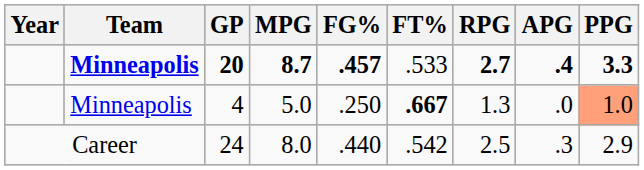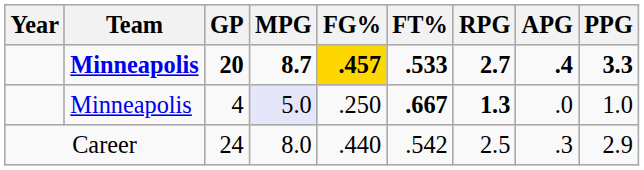 <table class="wikitable sortable" style="font-size:95%; text-align:right;">
 <tr>
 <th>Year</th>
 <th>Team</th>
 <th>GP</th>
 <th>MPG</th>
 <th>FG%</th>
 <th>FT%</th>
 <th>RPG</th>
 <th>APG</th>
 <th>PPG</th>
 </tr>
 <tr>
 <td style="text-align:left;"></td>
 <td style="text-align:left;"><strong><a href='#'>Minneapolis</a></strong></td>
 <td><strong>20</strong></td>
 <td><strong>8.7</strong></td>
-<td><strong>.457</strong></td>
-<td>.533</td>
+<td style="background: gold;"><strong>.457</strong></td>
+<td><strong>.533</strong></td>
 <td><strong>2.7</strong></td>
 <td><strong>.4</strong></td>
 <td><strong>3.3</strong></td>
 </tr>
 <tr>
 <td style="text-align:left;"></td>
 <td style="text-align:left;"><a href='#'>Minneapolis</a></td>
 <td>4</td>
-<td>5.0</td>
+<td style="background: lavender;">5.0</td>
 <td>.250</td>
 <td><strong>.667</strong></td>
-<td>1.3</td>
+<td><strong>1.3</strong></td>
 <td>.0</td>
-<td style="background: lightsalmon;">1.0</td>
+<td>1.0</td>
 </tr>
 <tr class="sortbottom">
 <td style="text-align:center;" colspan="2">Career</td>
 <td>24</td>
 <td>8.0</td>
 <td>.440</td>
 <td>.542</td>
 <td>2.5</td>
 <td>.3</td>
 <td>2.9</td>
 </tr>
 </table>
